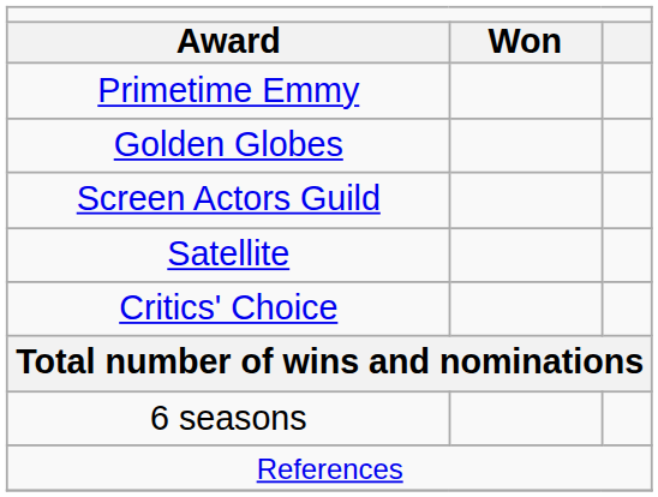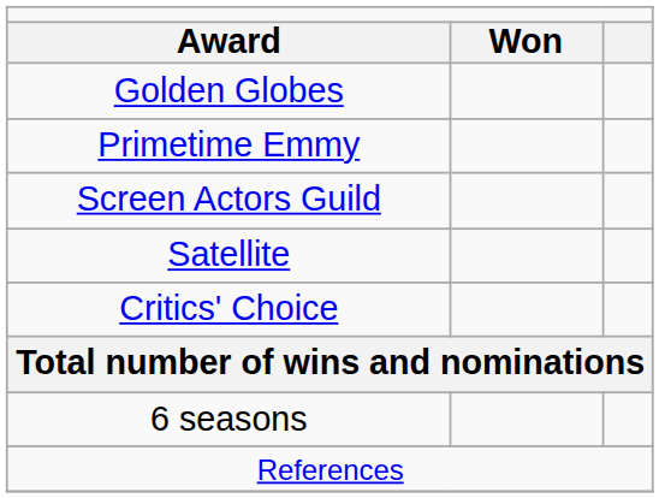 <table class="wikitable plainrowheaders" style="float: right;text-align:center; width:%90;margin:10px">
 <tr>
 <td colspan="3" style="text-align:center;"></td>
 </tr>
 <tr>
 <th style="padding:0 8px;">Award</th>
 <th style="padding:0 8px;">Won</th>
 <th style="padding:0 8px;"></th>
 </tr>
 <tr>
-<td><a href='#'>Primetime Emmy</a></td>
+<td><a href='#'>Golden Globes</a></td>
 <td></td>
 <td></td>
 </tr>
 <tr>
-<td><a href='#'>Golden Globes</a></td>
+<td><a href='#'>Primetime Emmy</a></td>
 <td></td>
 <td></td>
 </tr>
 <tr>
 <td><a href='#'>Screen Actors Guild</a></td>
 <td></td>
 <td></td>
 </tr>
 <tr>
 <td><a href='#'>Satellite</a></td>
 <td></td>
 <td></td>
 </tr>
 <tr>
 <td><a href='#'>Critics' Choice</a></td>
 <td></td>
 <td></td>
 </tr>
 <tr>
 <th colspan=3><strong>Total number of wins and nominations</strong></th>
 </tr>
 <tr>
 <td>6 seasons</td>
 <td></td>
 <td></td>
 </tr>
 <tr>
 <td colspan="3" style="font-size: smaller; text-align:center;"><a href='#'>References</a></td>
 </tr>
 <tr>
 </tr>
 </table>
